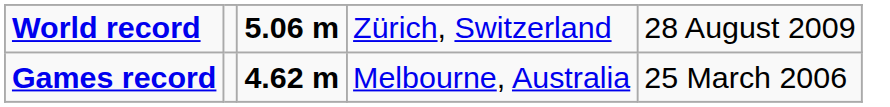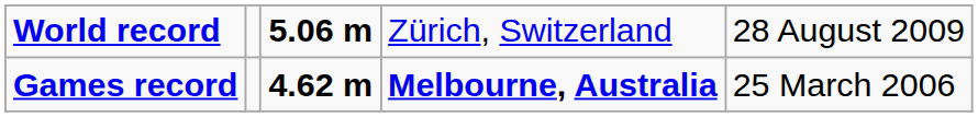 <table class="wikitable">
 <tr>
 <td><a href='#'><strong>World record</strong></a></td>
 <td></td>
 <td><strong>5.06 m</strong></td>
 <td><a href='#'>Zürich</a>, <a href='#'>Switzerland</a></td>
 <td>28 August 2009</td>
 </tr>
 <tr>
 <td><a href='#'><strong>Games record</strong></a></td>
 <td></td>
 <td><strong>4.62 m</strong></td>
-<td><a href='#'>Melbourne</a>, <a href='#'>Australia</a></td>
+<td><strong><a href='#'>Melbourne</a>, <a href='#'>Australia</a></strong></td>
 <td>25 March 2006</td>
 </tr>
 </table>
